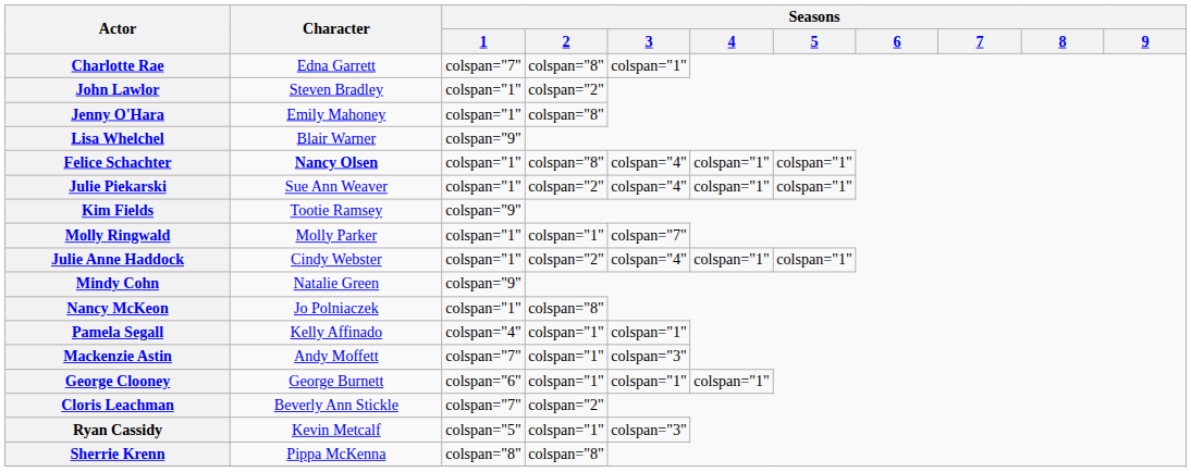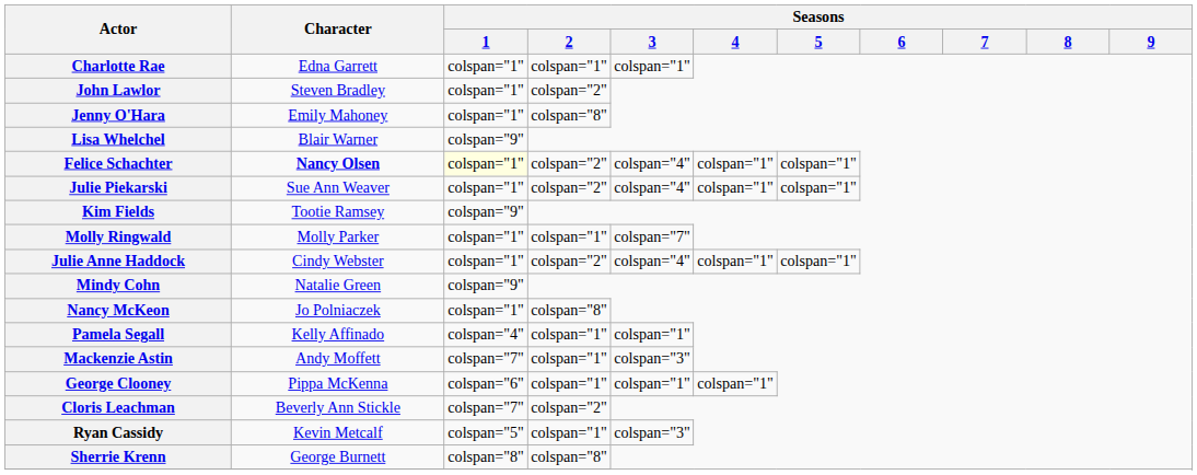 <table class="wikitable sortable">
 <tr>
 <th scope="col" rowspan="2">Actor</th>
 <th scope="col" rowspan="2">Character</th>
 <th scope="col" colspan="9">Seasons</th>
 </tr>
 <tr>
 <th scope="col" style="width:7%;"><a href='#'>1</a></th>
 <th scope="col" style="width:7%;"><a href='#'>2</a></th>
 <th scope="col" style="width:7%;"><a href='#'>3</a></th>
 <th scope="col" style="width:7%;"><a href='#'>4</a></th>
 <th scope="col" style="width:7%;"><a href='#'>5</a></th>
 <th scope="col" style="width:7%;"><a href='#'>6</a></th>
 <th scope="col" style="width:7%;"><a href='#'>7</a></th>
 <th scope="col" style="width:7%;"><a href='#'>8</a></th>
 <th scope="col" style="width:7%;"><a href='#'>9</a></th>
 </tr>
 <tr>
 <th scope="row" data-sort-value="Rae"><a href='#'>Charlotte Rae</a></th>
 <td style="text-align:center;"><a href='#'>Edna Garrett</a></td>
-<td>colspan="7" </td>
-<td>colspan="8" </td>
+<td>colspan="1" </td>
+<td>colspan="1" </td>
 <td>colspan="1" </td>
 </tr>
 <tr>
 <th scope="row" data-sort-value="Lawlor"><a href='#'>John Lawlor</a></th>
 <td style="text-align:center;"><a href='#'>Steven Bradley</a></td>
 <td>colspan="1" </td>
 <td>colspan="2" </td>
 </tr>
 <tr>
 <th scope="row" data-sort-value="O'Hara"><a href='#'>Jenny O'Hara</a></th>
 <td style="text-align:center;"><a href='#'>Emily Mahoney</a></td>
 <td>colspan="1" </td>
 <td>colspan="8" </td>
 </tr>
 <tr>
 <th scope="row" data-sort-value="Whelchel"><a href='#'>Lisa Whelchel</a></th>
 <td style="text-align:center;"><a href='#'>Blair Warner</a></td>
 <td>colspan="9" </td>
 </tr>
 <tr>
 <th scope="row" data-sort-value="Schachter"><a href='#'>Felice Schachter</a></th>
 <td style="text-align:center;"><strong><a href='#'>Nancy Olsen</a></strong></td>
-<td>colspan="1" </td>
-<td>colspan="8" </td>
+<td style="background: lightyellow;">colspan="1" </td>
+<td>colspan="2" </td>
 <td>colspan="4" </td>
 <td>colspan="1" </td>
 <td>colspan="1" </td>
 </tr>
 <tr>
 <th scope="row" data-sort-value="Piekarski"><a href='#'>Julie Piekarski</a></th>
 <td style="text-align:center;"><a href='#'>Sue Ann Weaver</a></td>
 <td>colspan="1" </td>
 <td>colspan="2" </td>
 <td>colspan="4" </td>
 <td>colspan="1" </td>
 <td>colspan="1" </td>
 </tr>
 <tr>
 <th scope="row" data-sort-value="Fields"><a href='#'>Kim Fields</a></th>
 <td style="text-align:center;"><a href='#'>Tootie Ramsey</a></td>
 <td>colspan="9" </td>
 </tr>
 <tr>
 <th scope="row" data-sort-value="Ringwald"><a href='#'>Molly Ringwald</a></th>
 <td style="text-align:center;"><a href='#'>Molly Parker</a></td>
 <td>colspan="1" </td>
 <td>colspan="1" </td>
 <td>colspan="7" </td>
 </tr>
 <tr>
 <th scope="row" data-sort-value="Haddock"><a href='#'>Julie Anne Haddock</a></th>
 <td style="text-align:center;"><a href='#'>Cindy Webster</a></td>
 <td>colspan="1" </td>
 <td>colspan="2" </td>
 <td>colspan="4" </td>
 <td>colspan="1" </td>
 <td>colspan="1" </td>
 </tr>
 <tr>
 <th scope="row" data-sort-value="Cohn"><a href='#'>Mindy Cohn</a></th>
 <td style="text-align:center;"><a href='#'>Natalie Green</a></td>
 <td>colspan="9" </td>
 </tr>
 <tr>
 <th scope="row" data-sort-value="McKeon"><a href='#'>Nancy McKeon</a></th>
 <td style="text-align:center;"><a href='#'>Jo Polniaczek</a></td>
 <td>colspan="1" </td>
 <td>colspan="8" </td>
 </tr>
 <tr>
 <th scope="row" data-sort-value="Segall"><a href='#'>Pamela Segall</a></th>
 <td style="text-align:center;"><a href='#'>Kelly Affinado</a></td>
 <td>colspan="4" </td>
 <td>colspan="1" </td>
 <td>colspan="1" </td>
 </tr>
 <tr>
 <th scope="row" data-sort-value="Astin"><a href='#'>Mackenzie Astin</a></th>
 <td style="text-align:center;"><a href='#'>Andy Moffett</a></td>
 <td>colspan="7" </td>
 <td>colspan="1" </td>
 <td>colspan="3" </td>
 </tr>
 <tr>
 <th scope="row" data-sort-value="Clooney"><a href='#'>George Clooney</a></th>
-<td style="text-align:center;"><a href='#'>George Burnett</a></td>
+<td style="text-align:center;"><a href='#'>Pippa McKenna</a></td>
 <td>colspan="6" </td>
 <td>colspan="1" </td>
 <td>colspan="1" </td>
 <td>colspan="1" </td>
 </tr>
 <tr>
 <th scope="row" data-sort-value="Leachman"><a href='#'>Cloris Leachman</a></th>
 <td style="text-align:center;"><a href='#'>Beverly Ann Stickle</a></td>
 <td>colspan="7" </td>
 <td>colspan="2" </td>
 </tr>
 <tr>
 <th scope="row" data-sort-value="Cassidy">Ryan Cassidy</th>
 <td style="text-align:center;"><a href='#'>Kevin Metcalf</a></td>
 <td>colspan="5" </td>
 <td>colspan="1" </td>
 <td>colspan="3" </td>
 </tr>
 <tr>
 <th scope="row" data-sort-value="Krenn"><a href='#'>Sherrie Krenn</a></th>
-<td style="text-align:center;"><a href='#'>Pippa McKenna</a></td>
+<td style="text-align:center;"><a href='#'>George Burnett</a></td>
 <td>colspan="8" </td>
 <td>colspan="8" </td>
 </tr>
 <tr>
 </tr>
 </table>
